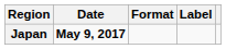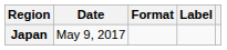 <table class="wikitable plainrowheaders">
 <tr>
 <th scope="col">Region</th>
 <th scope="col">Date</th>
 <th scope="col">Format</th>
 <th scope="col">Label</th>
 <th scope="col"></th>
 </tr>
 <tr>
 <th rowspan="2" scope="row">Japan</th>
-<td><strong>May 9, 2017</strong></td>
+<td>May 9, 2017</td>
 <td></td>
 <td></td>
 <td></td>
 </tr>
 </table>
